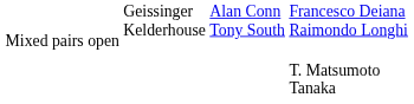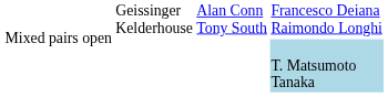 <table>
 <tr>
 <td rowspan="2">Mixed pairs open</td>
 <td rowspan="2" valign=top> <br> Geissinger <br> Kelderhouse</td>
 <td rowspan="2" valign=top> <br> <a href='#'>Alan Conn</a> <br> <a href='#'>Tony South</a></td>
 <td valign=top> <br> <a href='#'>Francesco Deiana</a> <br> <a href='#'>Raimondo Longhi</a></td>
 </tr>
 <tr>
-<td valign=top> <br> T. Matsumoto <br> Tanaka</td>
+<td valign=top style="background: lightblue;"> <br> T. Matsumoto <br> Tanaka</td>
 </tr>
 </table>
